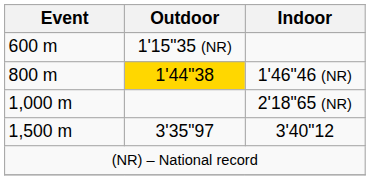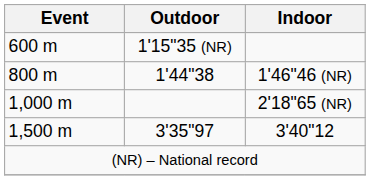 <table class="wikitable" style="font-size:98%; text-align:center;">
 <tr>
 <th width="100">Event</th>
 <th width="100">Outdoor</th>
 <th width="100">Indoor</th>
 </tr>
 <tr>
 <td align="left">600 m</td>
 <td>1'15"35 <small>(NR)</small></td>
 <td></td>
 </tr>
 <tr>
 <td align="left">800 m</td>
-<td style="background: gold;">1'44"38</td>
+<td>1'44"38</td>
 <td>1'46"46 <small>(NR)</small></td>
 </tr>
 <tr>
 <td align="left">1,000 m</td>
 <td></td>
 <td>2'18"65 <small>(NR)</small></td>
 </tr>
 <tr>
 <td align="left">1,500 m</td>
 <td>3'35"97</td>
 <td>3'40"12</td>
 </tr>
 <tr>
 <td colspan=3><small>(NR) – National record</small></td>
 </tr>
 <tr>
 </tr>
 </table>
